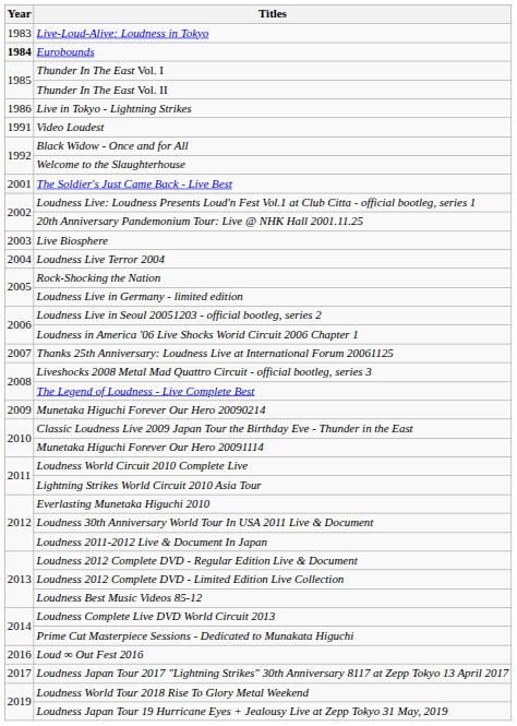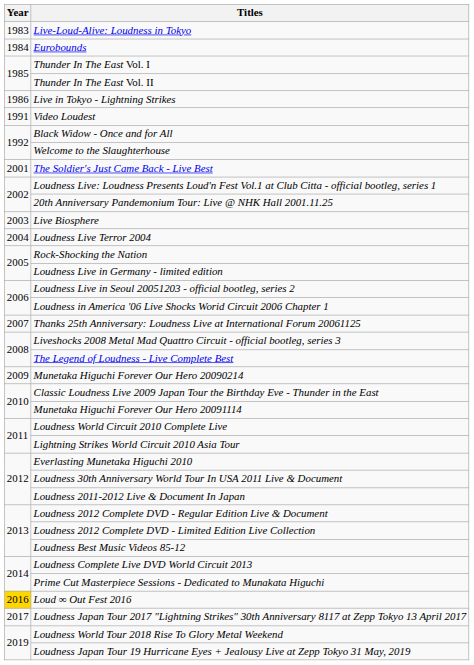 <table class="wikitable">
 <tr>
 <th>Year</th>
 <th>Titles</th>
 </tr>
 <tr>
 <td>1983</td>
 <td><em><a href='#'>Live-Loud-Alive: Loudness in Tokyo</a></em></td>
 </tr>
 <tr>
-<td><strong>1984</strong></td>
+<td>1984</td>
 <td><em><a href='#'>Eurobounds</a></em></td>
 </tr>
 <tr>
 <td rowspan="2">1985</td>
 <td><em>Thunder In The East</em> Vol. I</td>
 </tr>
 <tr>
 <td><em>Thunder In The East</em> Vol. II</td>
 </tr>
 <tr>
 <td>1986</td>
 <td><em>Live in Tokyo - Lightning Strikes</em></td>
 </tr>
 <tr>
 <td>1991</td>
 <td><em>Video Loudest</em></td>
 </tr>
 <tr>
 <td rowspan="2">1992</td>
 <td><em>Black Widow - Once and for All</em></td>
 </tr>
 <tr>
 <td><em>Welcome to the Slaughterhouse</em></td>
 </tr>
 <tr>
 <td>2001</td>
 <td><em><a href='#'>The Soldier's Just Came Back - Live Best</a></em></td>
 </tr>
 <tr>
 <td rowspan="2">2002</td>
 <td><em>Loudness Live: Loudness Presents Loud'n Fest Vol.1 at Club Citta - official bootleg, series 1</em></td>
 </tr>
 <tr>
 <td><em>20th Anniversary Pandemonium Tour: Live @ NHK Hall 2001.11.25</em></td>
 </tr>
 <tr>
 <td>2003</td>
 <td><em>Live Biosphere</em></td>
 </tr>
 <tr>
 <td>2004</td>
 <td><em>Loudness Live Terror 2004</em></td>
 </tr>
 <tr>
 <td rowspan="2">2005</td>
 <td><em>Rock-Shocking the Nation</em></td>
 </tr>
 <tr>
 <td><em>Loudness Live in Germany - limited edition</em></td>
 </tr>
 <tr>
 <td rowspan="2">2006</td>
 <td><em>Loudness Live in Seoul</em> <em>20051203 - official bootleg, series 2</em></td>
 </tr>
 <tr>
 <td><em>Loudness in America '06 Live Shocks</em> <em>Worid Circuit 2006 Chapter 1</em></td>
 </tr>
 <tr>
 <td>2007</td>
 <td><em>Thanks 25th Anniversary: Loudness Live at International Forum 20061125</em></td>
 </tr>
 <tr>
 <td rowspan="2">2008</td>
 <td><em>Liveshocks 2008 Metal Mad Quattro Circuit - official bootleg, series 3</em></td>
 </tr>
 <tr>
 <td><em><a href='#'>The Legend of Loudness - Live Complete Best</a></em></td>
 </tr>
 <tr>
 <td>2009</td>
 <td><em>Munetaka Higuchi Forever Our Hero 20090214</em></td>
 </tr>
 <tr>
 <td rowspan="2">2010</td>
 <td><em>Classic Loudness Live 2009 Japan Tour the Birthday Eve - Thunder in the East</em></td>
 </tr>
 <tr>
 <td><em>Munetaka Higuchi Forever Our Hero 20091114</em></td>
 </tr>
 <tr>
 <td rowspan="2">2011</td>
 <td><em>Loudness World Circuit 2010 Complete Live</em></td>
 </tr>
 <tr>
 <td><em>Lightning Strikes World Circuit 2010 Asia Tour</em></td>
 </tr>
 <tr>
 <td rowspan="3">2012</td>
 <td><em>Everlasting Munetaka Higuchi 2010</em></td>
 </tr>
 <tr>
 <td><em>Loudness 30th Anniversary World Tour In USA 2011 Live & Document</em></td>
 </tr>
 <tr>
 <td><em>Loudness 2011-2012 Live & Document In Japan</em></td>
 </tr>
 <tr>
 <td rowspan="3">2013</td>
 <td><em>Loudness 2012 Complete DVD - Regular Edition Live & Document</em></td>
 </tr>
 <tr>
 <td><em>Loudness 2012 Complete DVD - Limited Edition Live Collection</em></td>
 </tr>
 <tr>
 <td><em>Loudness Best Music Videos 85-12</em></td>
 </tr>
 <tr>
 <td rowspan="2">2014</td>
 <td><em>Loudness Complete Live DVD World Circuit 2013</em></td>
 </tr>
 <tr>
 <td><em>Prime Cut Masterpiece Sessions - Dedicated to Munakata Higuchi</em></td>
 </tr>
 <tr>
-<td>2016</td>
+<td style="background: gold;">2016</td>
 <td><em>Loud ∞ Out Fest 2016</em></td>
 </tr>
 <tr>
 <td>2017</td>
 <td><em>Loudness Japan Tour 2017 "Lightning Strikes" 30th Anniversary 8117 at Zepp Tokyo 13 April 2017</em></td>
 </tr>
 <tr>
 <td rowspan="2">2019</td>
 <td><em>Loudness World Tour 2018 Rise To Glory Metal Weekend</em></td>
 </tr>
 <tr>
 <td><em>Loudness Japan Tour 19 Hurricane Eyes + Jealousy Live at Zepp Tokyo 31 May, 2019</em></td>
 </tr>
 </table>
